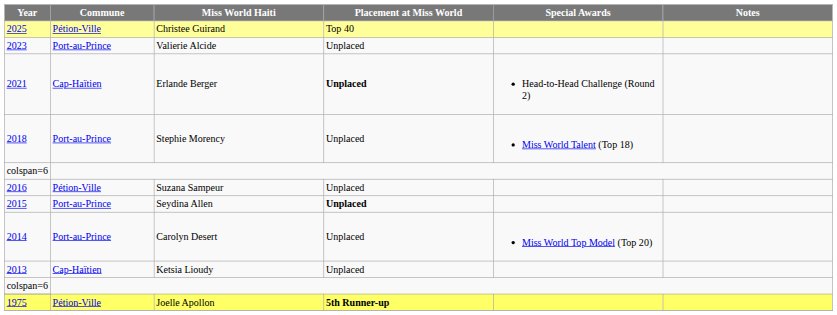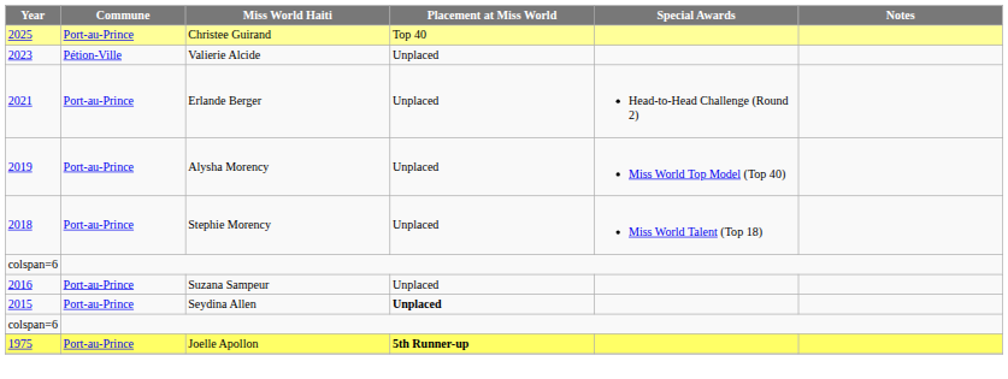 <table class="wikitable " style="font-size: 95%;">
 <tr>
 <th width="60" style="background-color:#787878;color:#FFFFFF;">Year</th>
 <th width="150" style="background-color:#787878;color:#FFFFFF;">Commune</th>
 <th width="250" style="background-color:#787878;color:#FFFFFF;">Miss World Haiti</th>
 <th width="250" style="background-color:#787878;color:#FFFFFF;">Placement at Miss World</th>
 <th width="250" style="background-color:#787878;color:#FFFFFF;">Special Awards</th>
 <th width="250" style="background-color:#787878;color:#FFFFFF;">Notes</th>
 </tr>
 <tr style="background-color:#FFFF99">
 <td><a href='#'>2025</a></td>
-<td><a href='#'>Pétion-Ville</a></td>
+<td><a href='#'>Port-au-Prince</a></td>
 <td>Christee Guirand</td>
 <td>Top 40</td>
 <td></td>
 <td></td>
 </tr>
 <tr>
 <td><a href='#'>2023</a></td>
-<td><a href='#'>Port-au-Prince</a></td>
+<td><a href='#'>Pétion-Ville</a></td>
 <td>Valierie Alcide</td>
 <td>Unplaced</td>
 <td></td>
 <td></td>
 </tr>
 <tr>
 <td><a href='#'>2021</a></td>
-<td><a href='#'>Cap-Haïtien</a></td>
+<td><a href='#'>Port-au-Prince</a></td>
 <td>Erlande Berger</td>
-<td><strong>Unplaced</strong></td>
+<td>Unplaced</td>
 <td align="left"><br><ul><li>Head-to-Head Challenge (Round 2)</li></ul></td>
+<td></td>
+</tr>
+<tr>
+<td><a href='#'>2019</a></td>
+<td><a href='#'>Port-au-Prince</a></td>
+<td>Alysha Morency</td>
+<td>Unplaced</td>
+<td align="left"><br><ul><li><a href='#'>Miss World Top Model</a> (Top 40)</li></ul></td>
 <td></td>
 </tr>
 <tr>
 <td><a href='#'>2018</a></td>
 <td><a href='#'>Port-au-Prince</a></td>
 <td>Stephie Morency</td>
 <td>Unplaced</td>
 <td align="left"><br><ul><li><a href='#'>Miss World Talent</a> (Top 18)</li></ul></td>
 <td></td>
 </tr>
 <tr>
 <td>colspan=6 </td>
 </tr>
 <tr>
 <td><a href='#'>2016</a></td>
-<td><a href='#'>Pétion-Ville</a></td>
+<td><a href='#'>Port-au-Prince</a></td>
 <td>Suzana Sampeur</td>
 <td>Unplaced</td>
 <td></td>
 <td></td>
 </tr>
 <tr>
 <td><a href='#'>2015</a></td>
 <td><a href='#'>Port-au-Prince</a></td>
 <td>Seydina Allen</td>
 <td><strong>Unplaced</strong></td>
 <td></td>
 <td></td>
 </tr>
 <tr>
-<td><a href='#'>2014</a></td>
-<td><a href='#'>Port-au-Prince</a></td>
-<td>Carolyn Desert</td>
-<td>Unplaced</td>
-<td align="left"><br><ul><li><a href='#'>Miss World Top Model</a> (Top 20)</li></ul></td>
-<td></td>
-</tr>
-<tr>
-<td><a href='#'>2013</a></td>
-<td><a href='#'>Cap-Haïtien</a></td>
-<td>Ketsia Lioudy</td>
-<td>Unplaced</td>
-<td></td>
-<td></td>
-</tr>
-<tr>
 <td>colspan=6 </td>
 </tr>
 <tr>
 </tr>
 <tr style="background-color:#FFFF66;">
 <td><a href='#'>1975</a></td>
-<td><a href='#'>Pétion-Ville</a></td>
+<td><a href='#'>Port-au-Prince</a></td>
 <td>Joelle Apollon</td>
 <td><strong>5th Runner-up</strong></td>
 <td></td>
 <td></td>
 </tr>
 <tr>
 </tr>
 </table>
